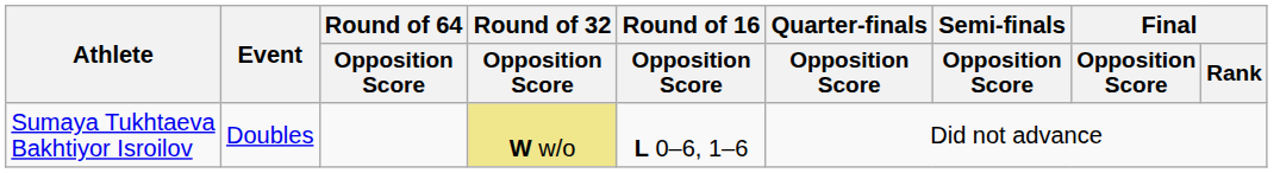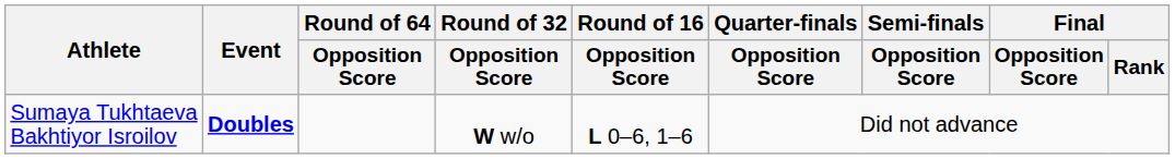 <table class=wikitable style="font-size:90%; text-align:center;">
 <tr>
 <th rowspan="2">Athlete</th>
 <th rowspan="2">Event</th>
 <th>Round of 64</th>
 <th>Round of 32</th>
 <th>Round of 16</th>
 <th>Quarter-finals</th>
 <th>Semi-finals</th>
 <th colspan=2>Final</th>
 </tr>
 <tr style="font-size:95%">
 <th>Opposition<br>Score</th>
 <th>Opposition<br>Score</th>
 <th>Opposition<br>Score</th>
 <th>Opposition<br>Score</th>
 <th>Opposition<br>Score</th>
 <th>Opposition<br>Score</th>
 <th>Rank</th>
 </tr>
 <tr>
 <td align=left><a href='#'>Sumaya Tukhtaeva</a><br><a href='#'>Bakhtiyor Isroilov</a></td>
-<td align=left><a href='#'>Doubles</a></td>
+<td align=left><strong><a href='#'>Doubles</a></strong></td>
 <td></td>
-<td style="background: khaki;"><br><strong>W</strong> w/o</td>
+<td><br><strong>W</strong> w/o</td>
 <td><br><strong>L</strong> 0–6, 1–6</td>
 <td colspan=4>Did not advance</td>
 </tr>
 </table>
